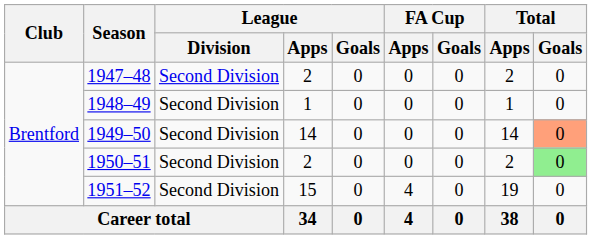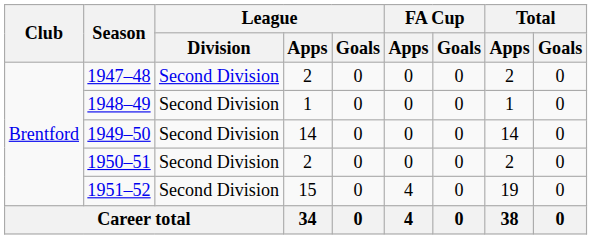 <table class="wikitable" style="text-align: center;">
 <tr>
 <th rowspan="2">Club</th>
 <th rowspan="2">Season</th>
 <th colspan="3">League</th>
 <th colspan="2">FA Cup</th>
 <th colspan="2">Total</th>
 </tr>
 <tr>
 <th>Division</th>
 <th>Apps</th>
 <th>Goals</th>
 <th>Apps</th>
 <th>Goals</th>
 <th>Apps</th>
 <th>Goals</th>
 </tr>
 <tr>
 <td rowspan="5"><a href='#'>Brentford</a></td>
 <td><a href='#'>1947–48</a></td>
 <td><a href='#'>Second Division</a></td>
 <td>2</td>
 <td>0</td>
 <td>0</td>
 <td>0</td>
 <td>2</td>
 <td>0</td>
 </tr>
 <tr>
 <td><a href='#'>1948–49</a></td>
 <td>Second Division</td>
 <td>1</td>
 <td>0</td>
 <td>0</td>
 <td>0</td>
 <td>1</td>
 <td>0</td>
 </tr>
 <tr>
 <td><a href='#'>1949–50</a></td>
 <td>Second Division</td>
 <td>14</td>
 <td>0</td>
 <td>0</td>
 <td>0</td>
 <td>14</td>
-<td style="background: lightsalmon;">0</td>
+<td>0</td>
 </tr>
 <tr>
 <td><a href='#'>1950–51</a></td>
 <td>Second Division</td>
 <td>2</td>
 <td>0</td>
 <td>0</td>
 <td>0</td>
 <td>2</td>
-<td style="background: lightgreen;">0</td>
+<td>0</td>
 </tr>
 <tr>
 <td><a href='#'>1951–52</a></td>
 <td>Second Division</td>
 <td>15</td>
 <td>0</td>
 <td>4</td>
 <td>0</td>
 <td>19</td>
 <td>0</td>
 </tr>
 <tr>
 <th colspan="3">Career total</th>
 <th>34</th>
 <th>0</th>
 <th>4</th>
 <th>0</th>
 <th>38</th>
 <th>0</th>
 </tr>
 </table>
